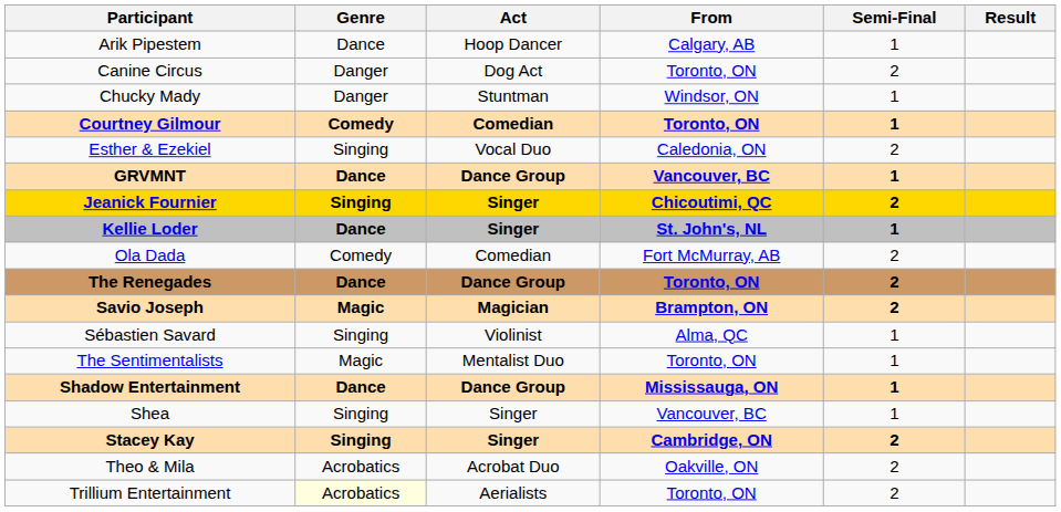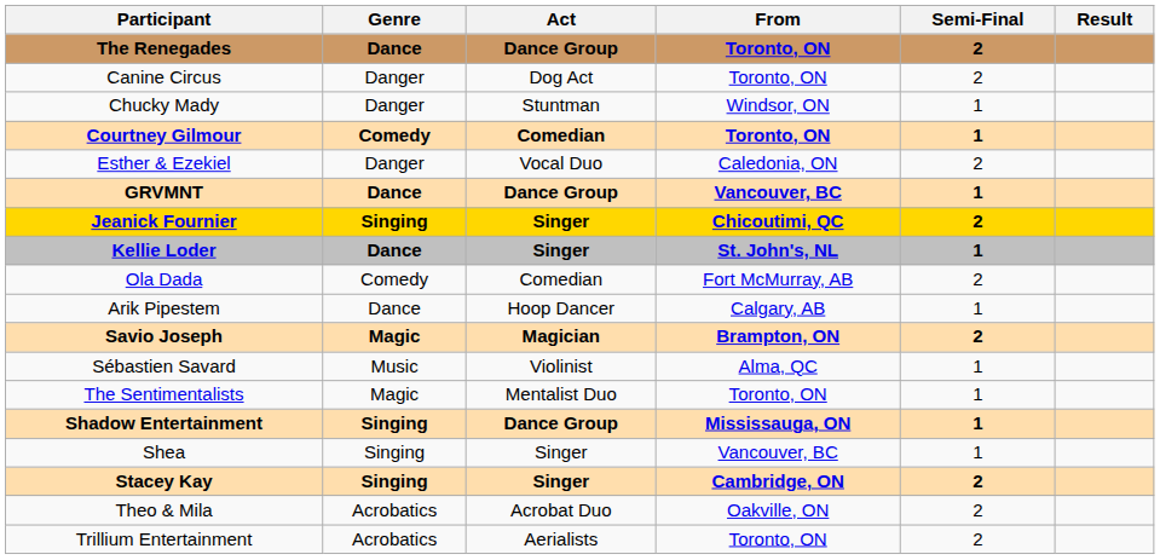 <table class="wikitable sortable" style="margin-right: auto; border: none; width:80%; text-align:center;">
 <tr valign="top">
 <th>Participant</th>
 <th>Genre</th>
 <th class="unsortable">Act</th>
 <th>From</th>
 <th>Semi-Final</th>
 <th>Result</th>
 </tr>
-<tr>
-<td>Arik Pipestem</td>
-<td>Dance</td>
-<td>Hoop Dancer</td>
-<td><a href='#'>Calgary, AB</a></td>
-<td>1</td>
-<td></td>
+<tr style="background:#c96">
+<td><strong>The Renegades</strong> </td>
+<td><strong>Dance</strong></td>
+<td><strong>Dance Group</strong></td>
+<td><strong><a href='#'>Toronto, ON</a></strong></td>
+<td><strong>2</strong></td>
+<td><strong></strong></td>
 </tr>
 <tr>
 <td>Canine Circus</td>
 <td>Danger</td>
 <td>Dog Act</td>
 <td><a href='#'>Toronto, ON</a></td>
 <td>2</td>
 <td></td>
 </tr>
 <tr>
 <td>Chucky Mady</td>
 <td>Danger</td>
 <td>Stuntman</td>
 <td><a href='#'>Windsor, ON</a></td>
 <td>1</td>
 <td></td>
 </tr>
 <tr style="background:NavajoWhite">
 <td><strong><a href='#'>Courtney Gilmour</a></strong></td>
 <td><strong>Comedy</strong></td>
 <td><strong>Comedian</strong></td>
 <td><a href='#'><strong>Toronto, ON</strong></a></td>
 <td><strong>1</strong></td>
 <td><strong></strong></td>
 </tr>
 <tr>
 <td><a href='#'>Esther & Ezekiel</a></td>
-<td>Singing</td>
+<td>Danger</td>
 <td>Vocal Duo</td>
 <td><a href='#'>Caledonia, ON</a></td>
 <td>2</td>
 <td></td>
 </tr>
 <tr style="background:NavajoWhite">
 <td><strong>GRVMNT</strong> </td>
 <td><strong>Dance</strong></td>
 <td><strong>Dance Group</strong></td>
 <td><a href='#'><strong>Vancouver, BC</strong></a></td>
 <td><strong>1</strong></td>
 <td><strong></strong></td>
 </tr>
 <tr style="background:gold">
 <td><strong><a href='#'>Jeanick Fournier</a></strong> </td>
 <td><strong>Singing</strong></td>
 <td><strong>Singer</strong></td>
 <td><strong><a href='#'>Chicoutimi, QC</a></strong></td>
 <td><strong>2</strong></td>
 <td><strong></strong></td>
 </tr>
 <tr style="background:silver">
 <td><strong><a href='#'>Kellie Loder</a></strong></td>
 <td><strong>Dance</strong></td>
 <td><strong>Singer</strong></td>
 <td><a href='#'><strong>St. John's, NL</strong></a></td>
 <td><strong>1</strong></td>
 <td><strong></strong></td>
 </tr>
 <tr>
 <td><a href='#'>Ola Dada</a></td>
 <td>Comedy</td>
 <td>Comedian</td>
 <td><a href='#'>Fort McMurray, AB</a></td>
 <td>2</td>
 <td></td>
 </tr>
-<tr style="background:#c96">
-<td><strong>The Renegades</strong> </td>
-<td><strong>Dance</strong></td>
-<td><strong>Dance Group</strong></td>
-<td><strong><a href='#'>Toronto, ON</a></strong></td>
-<td><strong>2</strong></td>
-<td><strong></strong></td>
+<tr>
+<td>Arik Pipestem</td>
+<td>Dance</td>
+<td>Hoop Dancer</td>
+<td><a href='#'>Calgary, AB</a></td>
+<td>1</td>
+<td></td>
 </tr>
 <tr style="background:NavajoWhite">
 <td><strong>Savio Joseph</strong></td>
 <td><strong>Magic</strong></td>
 <td><strong>Magician</strong></td>
 <td><a href='#'><strong>Brampton, ON</strong></a></td>
 <td><strong>2</strong></td>
 <td><strong></strong></td>
 </tr>
 <tr>
 <td>Sébastien Savard</td>
-<td>Singing</td>
+<td>Music</td>
 <td>Violinist</td>
 <td><a href='#'>Alma, QC</a></td>
 <td>1</td>
 <td></td>
 </tr>
 <tr>
 <td><a href='#'>The Sentimentalists</a></td>
 <td>Magic</td>
 <td>Mentalist Duo</td>
 <td><a href='#'>Toronto, ON</a></td>
 <td>1</td>
 <td></td>
 </tr>
 <tr style="background:NavajoWhite">
 <td><strong>Shadow Entertainment</strong></td>
-<td><strong>Dance</strong></td>
+<td><strong>Singing</strong></td>
 <td><strong>Dance Group</strong></td>
 <td><a href='#'><strong>Mississauga, ON</strong></a></td>
 <td><strong>1</strong></td>
 <td><strong></strong></td>
 </tr>
 <tr>
 <td>Shea </td>
 <td>Singing</td>
 <td>Singer</td>
 <td><a href='#'>Vancouver, BC</a></td>
 <td>1</td>
 <td></td>
 </tr>
 <tr style="background:NavajoWhite">
 <td><strong>Stacey Kay </strong></td>
 <td><strong>Singing</strong></td>
 <td><strong>Singer</strong></td>
 <td><a href='#'><strong>Cambridge, ON</strong></a></td>
 <td><strong>2</strong></td>
 <td><strong></strong></td>
 </tr>
 <tr>
 <td>Theo & Mila </td>
 <td>Acrobatics</td>
 <td>Acrobat Duo</td>
 <td><a href='#'>Oakville, ON</a></td>
 <td>2</td>
 <td></td>
 </tr>
 <tr>
 <td>Trillium Entertainment</td>
-<td style="background: lightyellow;">Acrobatics</td>
+<td>Acrobatics</td>
 <td>Aerialists</td>
 <td><a href='#'>Toronto, ON</a></td>
 <td>2</td>
 <td></td>
 </tr>
 </table>
